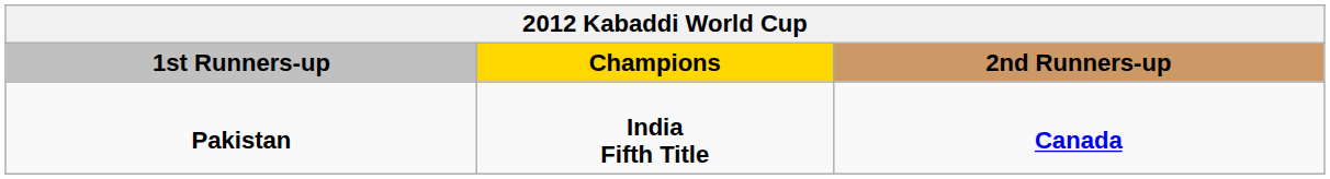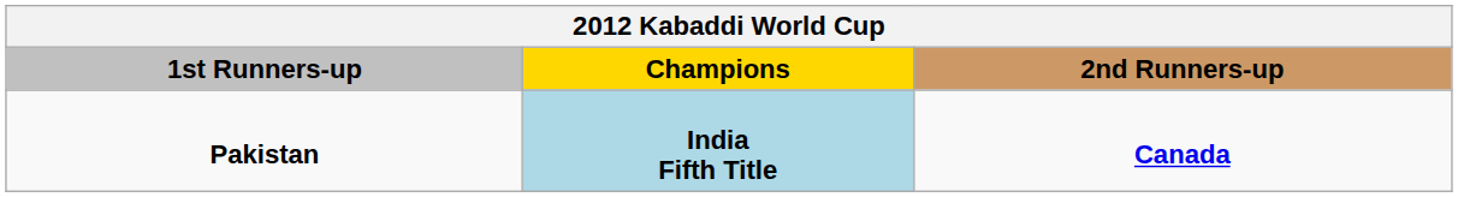 <table class="wikitable" width=55%; style="margin:1em auto; text-align:center;">
 <tr>
 <th colspan=3>2012 Kabaddi World Cup</th>
 </tr>
 <tr>
 <td style="background:silver;"><strong>1st Runners-up</strong></td>
 <td style="background:gold;"><strong>Champions</strong></td>
 <td style="background:#c96;"><strong>2nd Runners-up</strong></td>
 </tr>
 <tr>
 <td><br><strong>Pakistan</strong></td>
-<td><br><strong>India</strong><br> <strong>Fifth Title</strong></td>
+<td style="background: lightblue;"><br><strong>India</strong><br> <strong>Fifth Title</strong></td>
 <td><br><strong><a href='#'>Canada</a></strong></td>
 </tr>
 </table>
